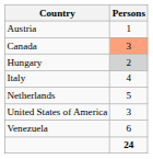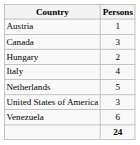 <table class="sortable wikitable floatright" style="font-size: 85%;">
 <tr>
 <th>Country</th>
 <th>Persons</th>
 </tr>
 <tr>
 <td>Austria</td>
 <td style="text-align:center;">1</td>
 </tr>
 <tr>
 <td>Canada</td>
-<td style="background: lightsalmon; text-align:center;">3</td>
+<td style="text-align:center;">3</td>
 </tr>
 <tr>
 <td>Hungary</td>
-<td style="background: lightgrey; text-align:center;">2</td>
+<td style="text-align:center;">2</td>
 </tr>
 <tr>
 <td>Italy</td>
 <td style="text-align:center;">4</td>
 </tr>
 <tr>
 <td>Netherlands</td>
 <td style="text-align:center;">5</td>
 </tr>
 <tr>
 <td>United States of America</td>
 <td style="text-align:center;">3</td>
 </tr>
 <tr>
 <td>Venezuela</td>
 <td style="text-align:center;">6</td>
 </tr>
 <tr class="sortbottom">
 <td></td>
 <td style="text-align:center;"><strong>24</strong></td>
 </tr>
 </table>
